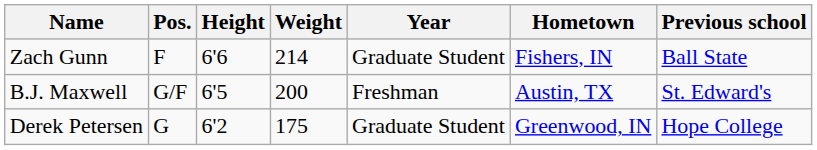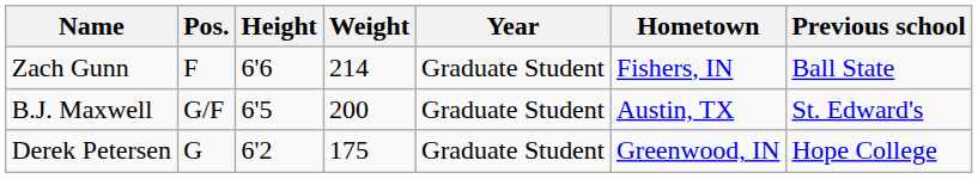 <table class="wikitable sortable" border="1">
 <tr align=center>
 <th>Name</th>
 <th>Pos.</th>
 <th>Height</th>
 <th>Weight</th>
 <th>Year</th>
 <th>Hometown</th>
 <th>Previous school</th>
 </tr>
 <tr>
 <td>Zach Gunn</td>
 <td>F</td>
 <td>6'6</td>
 <td>214</td>
 <td>Graduate Student</td>
 <td><a href='#'>Fishers, IN</a></td>
 <td><a href='#'>Ball State</a></td>
 </tr>
 <tr>
 <td>B.J. Maxwell</td>
 <td>G/F</td>
 <td>6'5</td>
 <td>200</td>
-<td>Freshman</td>
+<td>Graduate Student</td>
 <td><a href='#'>Austin, TX</a></td>
 <td><a href='#'>St. Edward's</a></td>
 </tr>
 <tr>
 <td>Derek Petersen</td>
 <td>G</td>
 <td>6'2</td>
 <td>175</td>
 <td>Graduate Student</td>
 <td><a href='#'>Greenwood, IN</a></td>
 <td><a href='#'>Hope College</a></td>
 </tr>
 </table>
